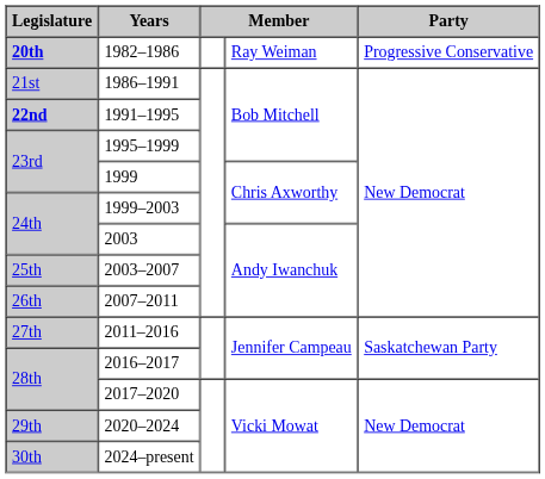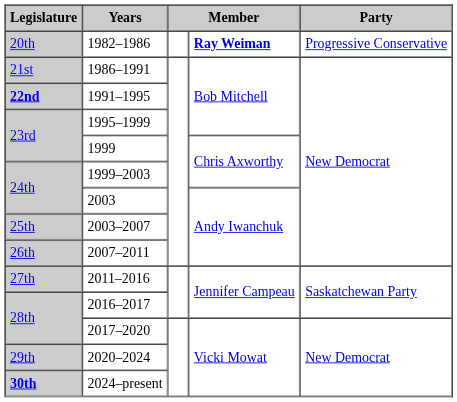 <table border=1 cellpadding=5 cellspacing=0>
 <tr bgcolor="CCCCCC">
 <th>Legislature</th>
 <th>Years</th>
 <th colspan="2">Member</th>
 <th>Party</th>
 </tr>
 <tr>
-<td bgcolor="CCCCCC"><strong><a href='#'>20th</a></strong></td>
+<td bgcolor="CCCCCC"><a href='#'>20th</a></td>
 <td>1982–1986</td>
 <td>   </td>
-<td><a href='#'>Ray Weiman</a></td>
+<td><strong><a href='#'>Ray Weiman</a></strong></td>
 <td><a href='#'>Progressive Conservative</a></td>
 </tr>
 <tr>
 <td bgcolor="CCCCCC"><a href='#'>21st</a></td>
 <td>1986–1991</td>
 <td rowspan="8" >   </td>
 <td rowspan="3"><a href='#'>Bob Mitchell</a></td>
 <td rowspan="8"><a href='#'>New Democrat</a></td>
 </tr>
 <tr>
 <td bgcolor="CCCCCC"><strong><a href='#'>22nd</a></strong></td>
 <td>1991–1995</td>
 </tr>
 <tr>
 <td bgcolor="CCCCCC" rowspan="2"><a href='#'>23rd</a></td>
 <td>1995–1999</td>
 </tr>
 <tr>
 <td>1999</td>
 <td rowspan="2"><a href='#'>Chris Axworthy</a></td>
 </tr>
 <tr>
 <td bgcolor="CCCCCC" rowspan="2"><a href='#'>24th</a></td>
 <td>1999–2003</td>
 </tr>
 <tr>
 <td>2003</td>
 <td rowspan="3"><a href='#'>Andy Iwanchuk</a></td>
 </tr>
 <tr>
 <td bgcolor="CCCCCC"><a href='#'>25th</a></td>
 <td>2003–2007</td>
 </tr>
 <tr>
 <td bgcolor="CCCCCC"><a href='#'>26th</a></td>
 <td>2007–2011</td>
 </tr>
 <tr>
 <td bgcolor="CCCCCC"><a href='#'>27th</a></td>
 <td>2011–2016</td>
 <td rowspan="2" >   </td>
 <td rowspan="2"><a href='#'>Jennifer Campeau</a></td>
 <td rowspan="2"><a href='#'>Saskatchewan Party</a></td>
 </tr>
 <tr>
 <td bgcolor="CCCCCC" rowspan="2"><a href='#'>28th</a></td>
 <td>2016–2017</td>
 </tr>
 <tr>
 <td>2017–2020</td>
 <td rowspan="3" >   </td>
 <td rowspan="3"><a href='#'>Vicki Mowat</a></td>
 <td rowspan="3"><a href='#'>New Democrat</a></td>
 </tr>
 <tr>
 <td bgcolor="CCCCCC"><a href='#'>29th</a></td>
 <td>2020–2024</td>
 </tr>
 <tr>
-<td bgcolor="CCCCCC"><a href='#'>30th</a></td>
+<td bgcolor="CCCCCC"><strong><a href='#'>30th</a></strong></td>
 <td>2024–present</td>
 </tr>
 </table>
